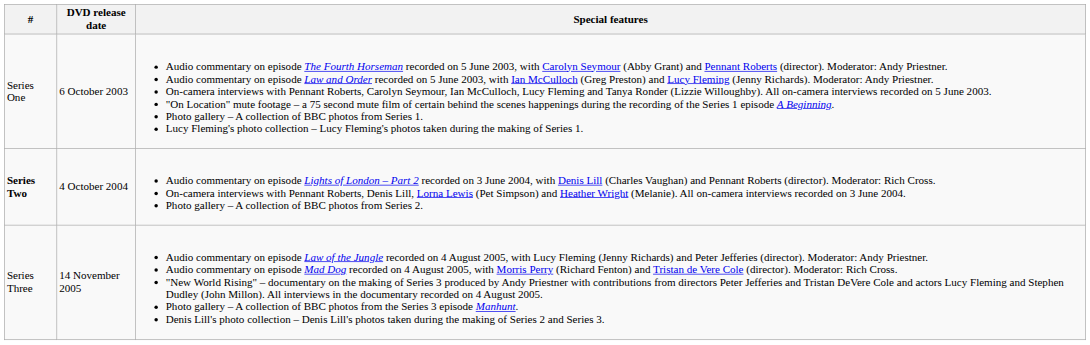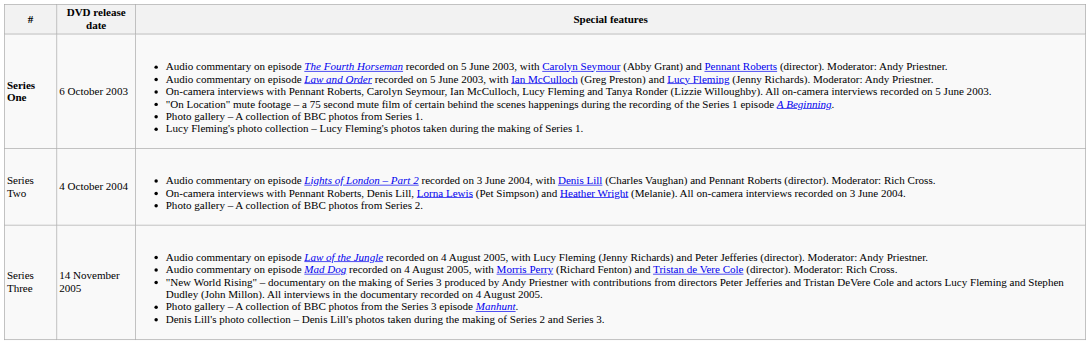 <table class="wikitable">
 <tr>
 <th>#</th>
 <th>DVD release date</th>
 <th>Special features</th>
 </tr>
 <tr>
-<td>Series One</td>
+<td><strong>Series One</strong></td>
 <td>6 October 2003</td>
 <td><br><ul><li>Audio commentary on episode <em><a href='#'>The Fourth Horseman</a></em> recorded on 5 June 2003, with <a href='#'>Carolyn Seymour</a> (Abby Grant) and <a href='#'>Pennant Roberts</a> (director). Moderator: Andy Priestner.</li><li>Audio commentary on episode <em><a href='#'>Law and Order</a></em> recorded on 5 June 2003, with <a href='#'>Ian McCulloch</a> (Greg Preston) and <a href='#'>Lucy Fleming</a> (Jenny Richards). Moderator: Andy Priestner.</li><li>On-camera interviews with Pennant Roberts, Carolyn Seymour, Ian McCulloch, Lucy Fleming and Tanya Ronder (Lizzie Willoughby). All on-camera interviews recorded on 5 June 2003.</li><li>"On Location" mute footage – a 75 second mute film of certain behind the scenes happenings during the recording of the Series 1 episode <em><a href='#'>A Beginning</a></em>.</li><li>Photo gallery – A collection of BBC photos from Series 1.</li><li>Lucy Fleming's photo collection – Lucy Fleming's photos taken during the making of Series 1.</li></ul></td>
 </tr>
 <tr>
-<td><strong>Series Two</strong></td>
+<td>Series Two</td>
 <td>4 October 2004</td>
 <td><br><ul><li>Audio commentary on episode <em><a href='#'>Lights of London – Part 2</a></em> recorded on 3 June 2004, with <a href='#'>Denis Lill</a> (Charles Vaughan) and Pennant Roberts (director). Moderator: Rich Cross.</li><li>On-camera interviews with Pennant Roberts, Denis Lill, <a href='#'>Lorna Lewis</a> (Pet Simpson) and <a href='#'>Heather Wright</a> (Melanie). All on-camera interviews recorded on 3 June 2004.</li><li>Photo gallery – A collection of BBC photos from Series 2.</li></ul></td>
 </tr>
 <tr>
 <td>Series Three</td>
 <td>14 November 2005</td>
 <td><br><ul><li>Audio commentary on episode <em><a href='#'>Law of the Jungle</a></em> recorded on 4 August 2005, with Lucy Fleming (Jenny Richards) and Peter Jefferies (director). Moderator: Andy Priestner.</li><li>Audio commentary on episode <em><a href='#'>Mad Dog</a></em> recorded on 4 August 2005, with <a href='#'>Morris Perry</a> (Richard Fenton) and <a href='#'>Tristan de Vere Cole</a> (director). Moderator: Rich Cross.</li><li>"New World Rising" – documentary on the making of Series 3 produced by Andy Priestner with contributions from directors Peter Jefferies and Tristan DeVere Cole and actors Lucy Fleming and Stephen Dudley (John Millon). All interviews in the documentary recorded on 4 August 2005.</li><li>Photo gallery – A collection of BBC photos from the Series 3 episode <em><a href='#'>Manhunt</a></em>.</li><li>Denis Lill's photo collection – Denis Lill's photos taken during the making of Series 2 and Series 3.</li></ul></td>
 </tr>
 </table>
